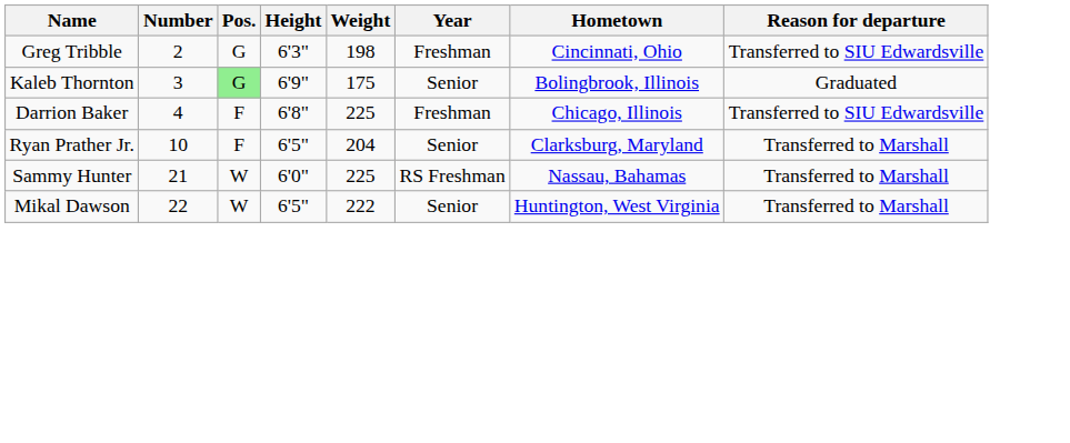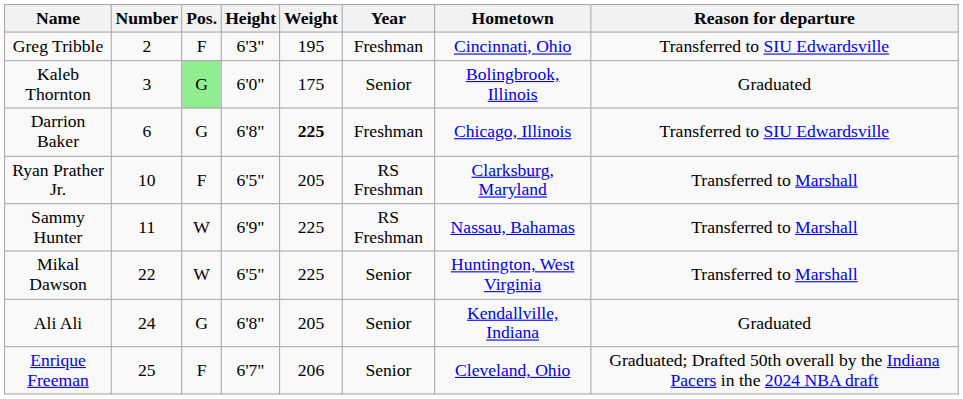 <table class="wikitable sortable" style="text-align:center">
 <tr align=center>
 <th>Name</th>
 <th>Number</th>
 <th>Pos.</th>
 <th>Height</th>
 <th>Weight</th>
 <th>Year</th>
 <th>Hometown</th>
 <th class="unsortable">Reason for departure</th>
 </tr>
 <tr>
 <td>Greg Tribble</td>
 <td>2</td>
-<td>G</td>
+<td>F</td>
 <td>6'3"</td>
-<td>198</td>
+<td>195</td>
 <td>Freshman</td>
 <td><a href='#'>Cincinnati, Ohio</a></td>
 <td>Transferred to <a href='#'>SIU Edwardsville</a></td>
 </tr>
 <tr>
 <td>Kaleb Thornton</td>
 <td>3</td>
 <td style="background: lightgreen;">G</td>
-<td>6'9"</td>
+<td>6'0"</td>
 <td>175</td>
 <td>Senior</td>
 <td><a href='#'>Bolingbrook, Illinois</a></td>
 <td>Graduated</td>
 </tr>
 <tr>
 <td>Darrion Baker</td>
-<td>4</td>
-<td>F</td>
+<td>6</td>
+<td>G</td>
 <td>6'8"</td>
-<td>225</td>
+<td><strong>225</strong></td>
 <td>Freshman</td>
 <td><a href='#'>Chicago, Illinois</a></td>
 <td>Transferred to <a href='#'>SIU Edwardsville</a></td>
 </tr>
 <tr>
 <td>Ryan Prather Jr.</td>
 <td>10</td>
 <td>F</td>
 <td>6'5"</td>
-<td>204</td>
-<td>Senior</td>
+<td>205</td>
+<td>RS Freshman</td>
 <td><a href='#'>Clarksburg, Maryland</a></td>
 <td>Transferred to <a href='#'>Marshall</a></td>
 </tr>
 <tr>
 <td>Sammy Hunter</td>
-<td>21</td>
+<td>11</td>
 <td>W</td>
-<td>6'0"</td>
+<td>6'9"</td>
 <td>225</td>
 <td>RS Freshman</td>
 <td><a href='#'>Nassau, Bahamas</a></td>
 <td>Transferred to <a href='#'>Marshall</a></td>
 </tr>
 <tr>
 <td>Mikal Dawson</td>
 <td>22</td>
 <td>W</td>
 <td>6'5"</td>
-<td>222</td>
+<td>225</td>
 <td>Senior</td>
 <td><a href='#'>Huntington, West Virginia</a></td>
 <td>Transferred to <a href='#'>Marshall</a></td>
 </tr>
+<tr>
+<td>Ali Ali</td>
+<td>24</td>
+<td>G</td>
+<td>6'8"</td>
+<td>205</td>
+<td>Senior</td>
+<td><a href='#'>Kendallville, Indiana</a></td>
+<td>Graduated</td>
+</tr>
+<tr>
+<td><a href='#'>Enrique Freeman</a></td>
+<td>25</td>
+<td>F</td>
+<td>6'7"</td>
+<td>206</td>
+<td>Senior</td>
+<td><a href='#'>Cleveland, Ohio</a></td>
+<td>Graduated; Drafted 50th overall by the <a href='#'>Indiana Pacers</a> in the <a href='#'>2024 NBA draft</a></td>
+</tr>
 </table>
